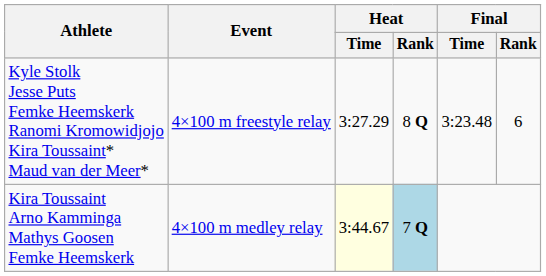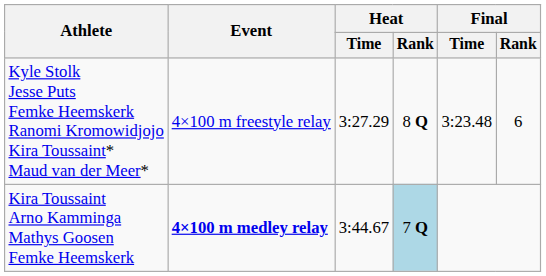 <table class="wikitable" style="text-align:center; font-size:90%">
 <tr>
 <th rowspan=2>Athlete</th>
 <th rowspan=2>Event</th>
 <th colspan=2>Heat</th>
 <th colspan=2>Final</th>
 </tr>
 <tr style="font-size:95%">
 <th>Time</th>
 <th>Rank</th>
 <th>Time</th>
 <th>Rank</th>
 </tr>
 <tr>
 <td align=left><a href='#'>Kyle Stolk</a><br><a href='#'>Jesse Puts</a><br><a href='#'>Femke Heemskerk</a><br><a href='#'>Ranomi Kromowidjojo</a><br><a href='#'>Kira Toussaint</a>*<br><a href='#'>Maud van der Meer</a>*</td>
 <td align=left><a href='#'>4×100 m freestyle relay</a></td>
 <td>3:27.29</td>
 <td>8 <strong>Q</strong></td>
 <td>3:23.48</td>
 <td>6</td>
 </tr>
 <tr>
 <td align=left><a href='#'>Kira Toussaint</a><br><a href='#'>Arno Kamminga</a><br><a href='#'>Mathys Goosen</a><br><a href='#'>Femke Heemskerk</a></td>
-<td align=left><a href='#'>4×100 m medley relay</a></td>
-<td style="background: lightyellow;">3:44.67</td>
+<td align=left><strong><a href='#'>4×100 m medley relay</a></strong></td>
+<td>3:44.67</td>
 <td style="background: lightblue;">7 <strong>Q</strong></td>
 <td colspan=2></td>
 </tr>
 </table>
